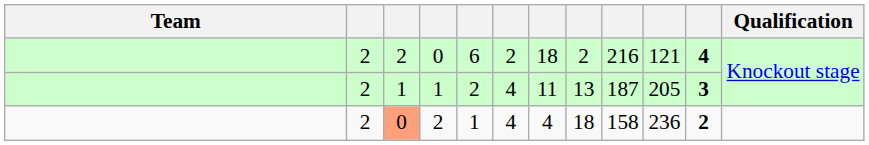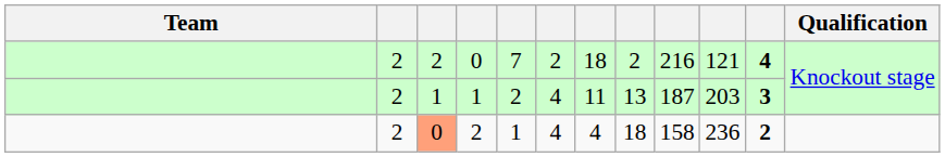 <table class=wikitable style="text-align:center">
 <tr>
 <th width=250>Team</th>
 <th width=20></th>
 <th width=20></th>
 <th width=20></th>
 <th width=20></th>
 <th width=20></th>
 <th width=20></th>
 <th width=20></th>
 <th width=20></th>
 <th width=20></th>
 <th width=20></th>
 <th>Qualification</th>
 </tr>
 <tr style="background-color:#ccffcc;">
 <td style="text-align:left;"></td>
 <td>2</td>
 <td>2</td>
 <td>0</td>
-<td>6</td>
+<td>7</td>
 <td>2</td>
 <td>18</td>
 <td>2</td>
 <td>216</td>
 <td>121</td>
 <td><strong>4</strong></td>
 <td rowspan=2><a href='#'>Knockout stage</a></td>
 </tr>
 <tr style="background-color:#ccffcc;">
 <td style="text-align:left;"></td>
 <td>2</td>
 <td>1</td>
 <td>1</td>
 <td>2</td>
 <td>4</td>
 <td>11</td>
 <td>13</td>
 <td>187</td>
-<td>205</td>
+<td>203</td>
 <td><strong>3</strong></td>
 </tr>
 <tr>
 <td style="text-align:left;"></td>
 <td>2</td>
 <td style="background: lightsalmon;">0</td>
 <td>2</td>
 <td>1</td>
 <td>4</td>
 <td>4</td>
 <td>18</td>
 <td>158</td>
 <td>236</td>
 <td><strong>2</strong></td>
 <td></td>
 </tr>
 </table>
